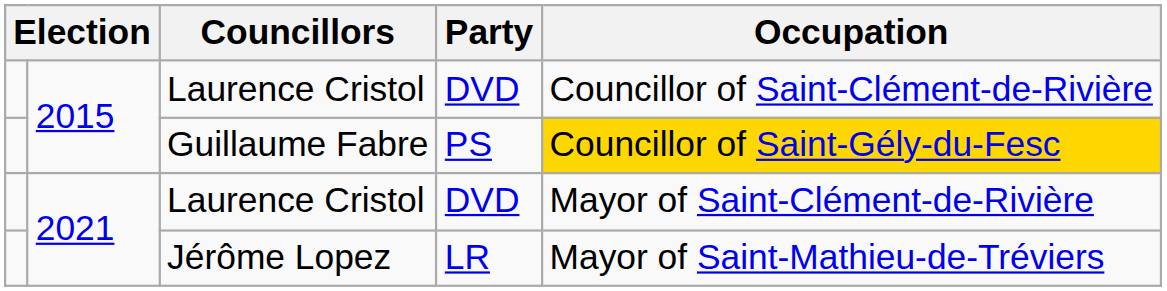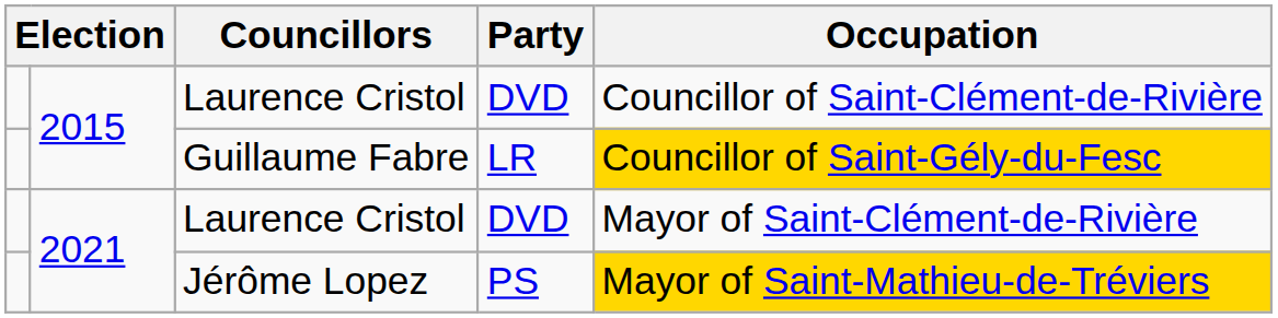 <table class="wikitable">
 <tr>
 <th colspan="2">Election</th>
 <th>Councillors</th>
 <th>Party</th>
 <th>Occupation</th>
 </tr>
 <tr>
 <td style="background-color: "></td>
 <td rowspan="2"><a href='#'>2015</a></td>
 <td>Laurence Cristol</td>
 <td><a href='#'>DVD</a></td>
 <td>Councillor of <a href='#'>Saint-Clément-de-Rivière</a></td>
 </tr>
 <tr>
 <td style="background-color: "></td>
 <td>Guillaume Fabre</td>
-<td><a href='#'>PS</a></td>
+<td><a href='#'>LR</a></td>
 <td style="background: gold;">Councillor of <a href='#'>Saint-Gély-du-Fesc</a></td>
 </tr>
 <tr>
 <td style="background-color: "></td>
 <td rowspan="2"><a href='#'>2021</a></td>
 <td>Laurence Cristol</td>
 <td><a href='#'>DVD</a></td>
 <td>Mayor of <a href='#'>Saint-Clément-de-Rivière</a></td>
 </tr>
 <tr>
 <td style="background-color: "></td>
 <td>Jérôme Lopez</td>
-<td><a href='#'>LR</a></td>
-<td>Mayor of <a href='#'>Saint-Mathieu-de-Tréviers</a></td>
+<td><a href='#'>PS</a></td>
+<td style="background: gold;">Mayor of <a href='#'>Saint-Mathieu-de-Tréviers</a></td>
 </tr>
 </table>
